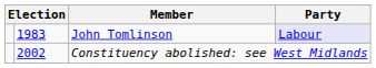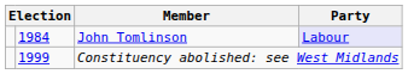 <table class="wikitable">
 <tr>
 <th colspan="2">Election</th>
 <th>Member</th>
 <th>Party</th>
 </tr>
 <tr>
 <td style="background-color: "></td>
-<td><a href='#'>1983</a></td>
+<td><a href='#'>1984</a></td>
 <td><a href='#'>John Tomlinson</a></td>
 <td style="background: lavender;"><a href='#'>Labour</a></td>
 </tr>
 <tr>
 <td></td>
-<td><a href='#'>2002</a></td>
+<td><a href='#'>1999</a></td>
 <td colspan="2"><em>Constituency abolished: see <a href='#'>West Midlands</a></em></td>
 </tr>
 </table>
